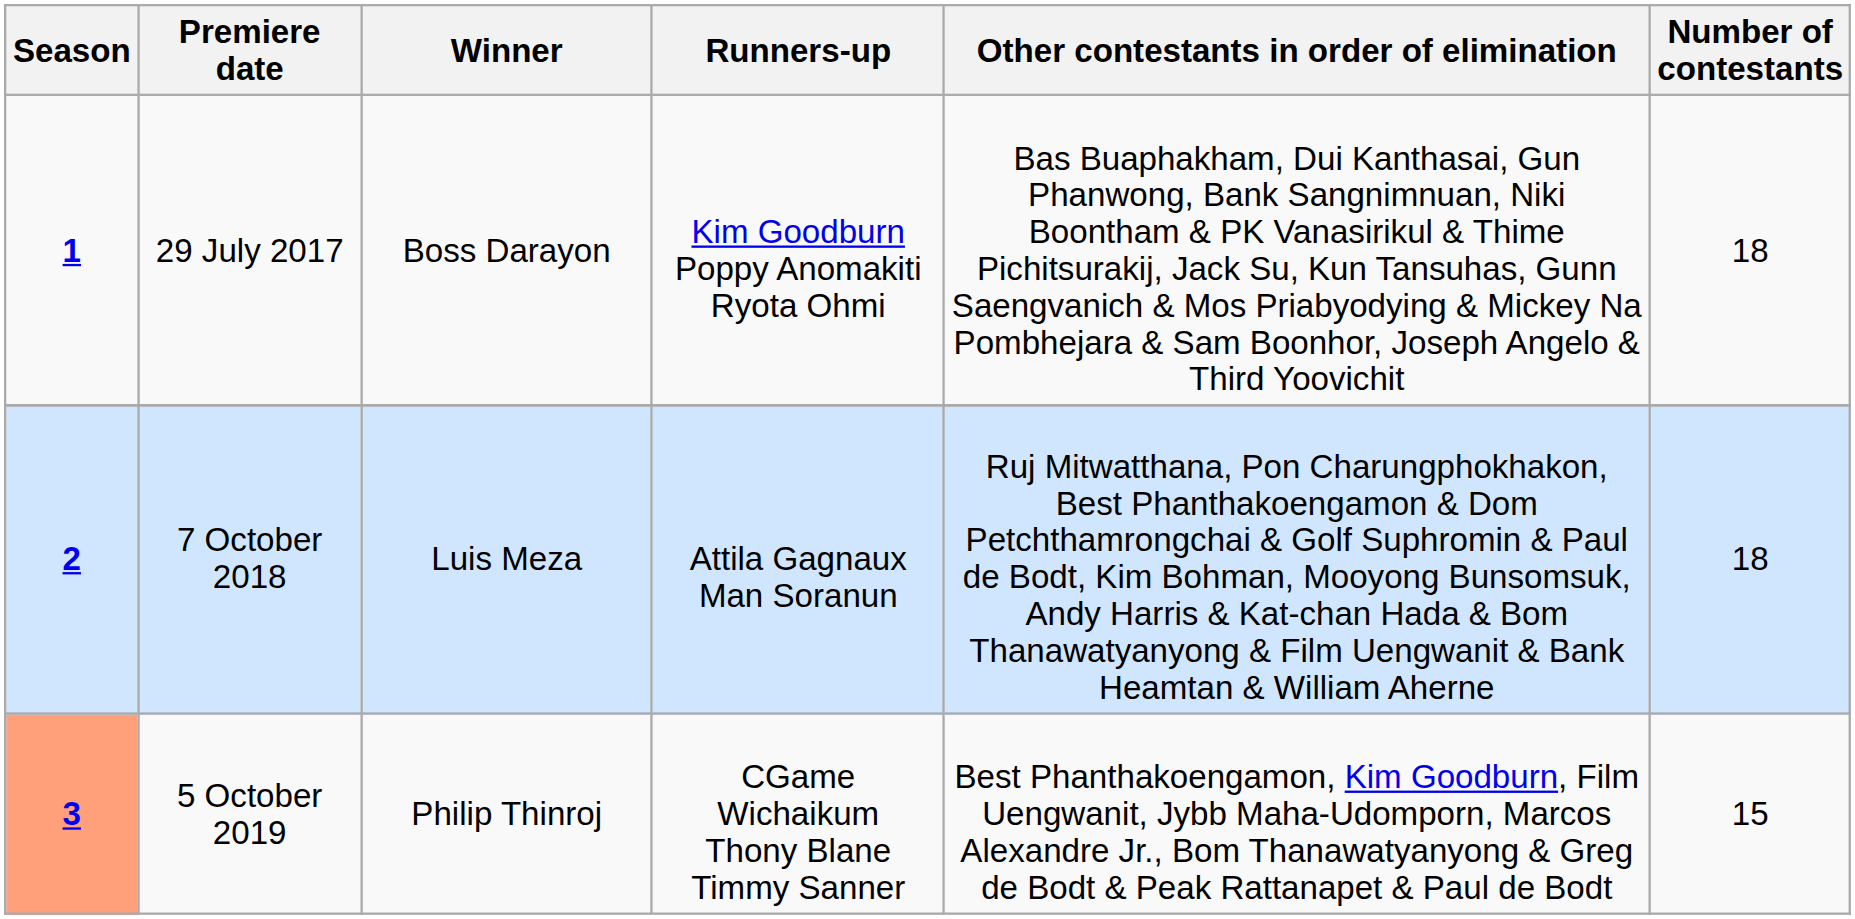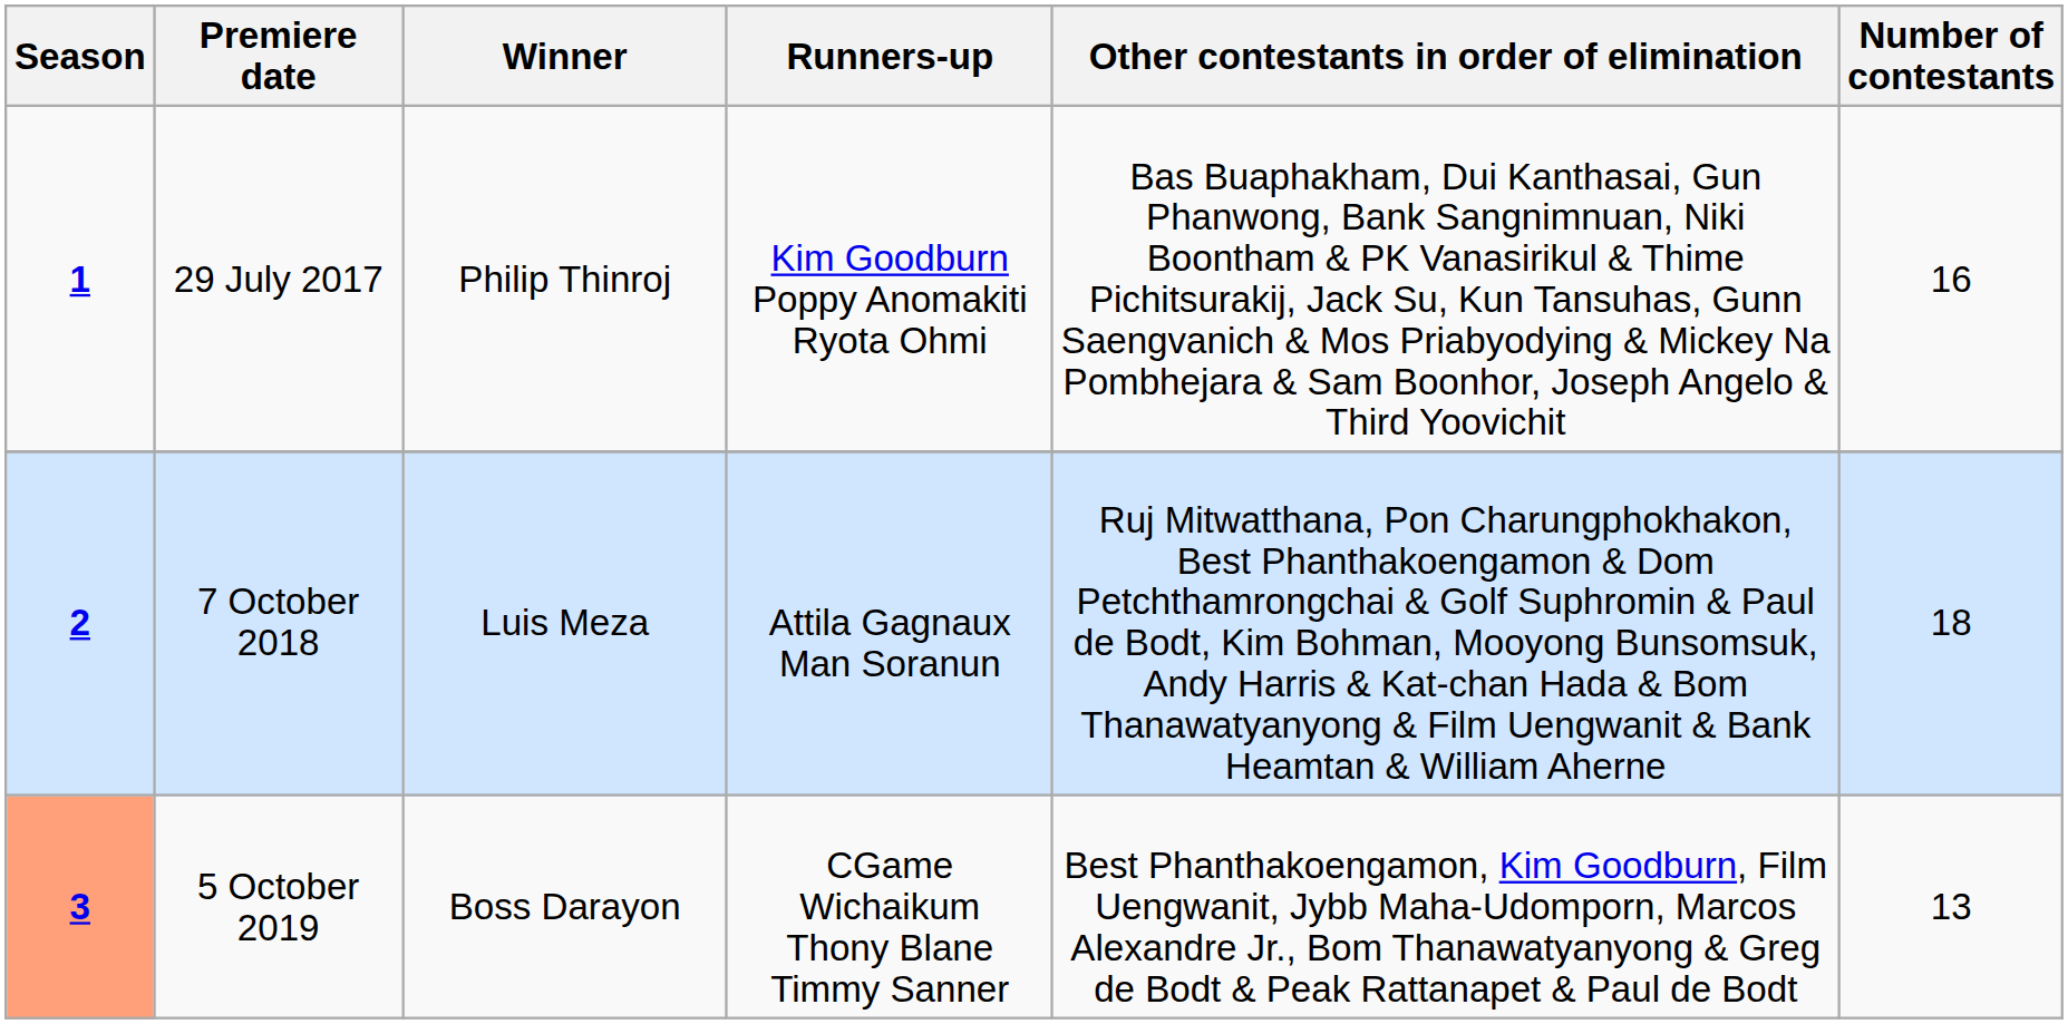 <table class="wikitable" style="font-size:90%; text-align: center;">
 <tr>
 <th width="30">Season</th>
 <th width="90">Premiere date</th>
 <th style="width:120px;">Winner</th>
 <th style="width:120px;">Runners-up</th>
 <th style="width:300px;">Other contestants in order of elimination</th>
 <th width="30">Number of contestants</th>
 </tr>
 <tr>
 <td><strong><a href='#'>1</a></strong></td>
 <td>29 July 2017</td>
-<td> Boss Darayon</td>
+<td> Philip Thinroj</td>
 <td><br> <a href='#'>Kim Goodburn</a> <br>   Poppy Anomakiti <br>   Ryota Ohmi</td>
 <td><br> Bas Buaphakham,   Dui Kanthasai,  Gun Phanwong,   Bank Sangnimnuan,   Niki Boontham &   PK Vanasirikul &   Thime Pichitsurakij,   Jack Su,  Kun Tansuhas,   Gunn Saengvanich &  Mos Priabyodying &   Mickey Na Pombhejara &   Sam Boonhor,  Joseph Angelo &  Third Yoovichit</td>
-<td>18</td>
+<td>16</td>
 </tr>
 <tr>
 </tr>
 <tr style="background: #D0E6FF;">
 <td><strong><a href='#'>2</a></strong></td>
 <td>7 October 2018</td>
 <td> Luis Meza</td>
 <td><br> Attila Gagnaux<br>  Man Soranun</td>
 <td><br> Ruj Mitwatthana,   Pon Charungphokhakon,   Best Phanthakoengamon &   Dom Petchthamrongchai &   Golf Suphromin &   Paul de Bodt,   Kim Bohman,   Mooyong Bunsomsuk,  Andy Harris &   Kat-chan Hada &   Bom Thanawatyanyong &   Film Uengwanit &   Bank Heamtan &   William Aherne</td>
 <td>18</td>
 </tr>
 <tr>
 <td style="background: lightsalmon;"><strong><a href='#'>3</a></strong></td>
 <td>5 October 2019</td>
-<td> Philip Thinroj</td>
+<td> Boss Darayon</td>
 <td><br> CGame Wichaikum<br>   Thony Blane<br>   Timmy Sanner</td>
 <td><br> Best Phanthakoengamon,   <a href='#'>Kim Goodburn</a>,   Film Uengwanit,   Jybb Maha-Udomporn,   Marcos Alexandre Jr.,  Bom Thanawatyanyong &   Greg de Bodt &   Peak Rattanapet &   Paul de Bodt</td>
-<td>15</td>
+<td>13</td>
 </tr>
 </table>
